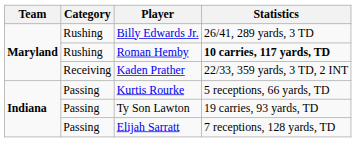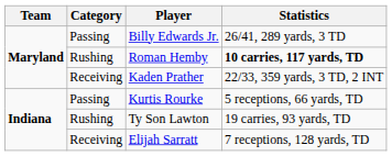 <table class="wikitable" style="float: right;">
 <tr>
 <th>Team</th>
 <th>Category</th>
 <th>Player</th>
 <th>Statistics</th>
 </tr>
 <tr>
 <td rowspan=3><strong>Maryland</strong></td>
-<td>Rushing</td>
+<td>Passing</td>
 <td><a href='#'>Billy Edwards Jr.</a></td>
 <td>26/41, 289 yards, 3 TD</td>
 </tr>
 <tr>
 <td>Rushing</td>
 <td><a href='#'>Roman Hemby</a></td>
 <td><strong>10 carries, 117 yards, TD</strong></td>
 </tr>
 <tr>
 <td>Receiving</td>
 <td><a href='#'>Kaden Prather</a></td>
 <td>22/33, 359 yards, 3 TD, 2 INT</td>
 </tr>
 <tr>
 <td rowspan=3><strong>Indiana</strong></td>
 <td>Passing</td>
 <td><a href='#'>Kurtis Rourke</a></td>
 <td>5 receptions, 66 yards, TD</td>
 </tr>
 <tr>
-<td>Passing</td>
+<td>Rushing</td>
 <td>Ty Son Lawton</td>
 <td>19 carries, 93 yards, TD</td>
 </tr>
 <tr>
-<td>Passing</td>
+<td>Receiving</td>
 <td><a href='#'>Elijah Sarratt</a></td>
 <td>7 receptions, 128 yards, TD</td>
 </tr>
 </table>
